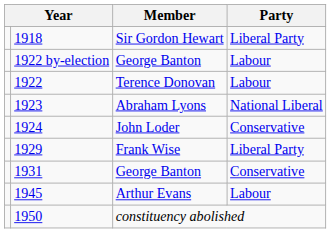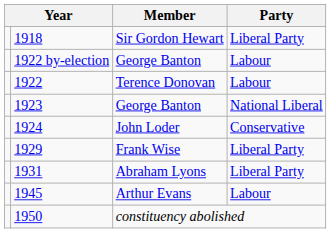 <table class="wikitable">
 <tr>
 <th colspan="2">Year</th>
 <th>Member</th>
 <th>Party</th>
 </tr>
 <tr>
 <td style="color:inherit;background-color: "></td>
 <td><a href='#'>1918</a></td>
 <td><a href='#'>Sir Gordon Hewart</a></td>
 <td><a href='#'>Liberal Party</a></td>
 </tr>
 <tr>
 <td style="color:inherit;background-color: "></td>
 <td><a href='#'>1922 by-election</a></td>
 <td><a href='#'>George Banton</a></td>
 <td><a href='#'>Labour</a></td>
 </tr>
 <tr>
 <td style="color:inherit;background-color: "></td>
 <td><a href='#'>1922</a></td>
 <td><a href='#'>Terence Donovan</a></td>
 <td><a href='#'>Labour</a></td>
 </tr>
 <tr>
 <td style="color:inherit;background-color: "></td>
 <td><a href='#'>1923</a></td>
-<td><a href='#'>Abraham Lyons</a></td>
+<td><a href='#'>George Banton</a></td>
 <td><a href='#'>National Liberal</a></td>
 </tr>
 <tr>
 <td style="color:inherit;background-color: "></td>
 <td><a href='#'>1924</a></td>
 <td><a href='#'>John Loder</a></td>
 <td><a href='#'>Conservative</a></td>
 </tr>
 <tr>
 <td style="color:inherit;background-color: "></td>
 <td><a href='#'>1929</a></td>
 <td><a href='#'>Frank Wise</a></td>
 <td><a href='#'>Liberal Party</a></td>
 </tr>
 <tr>
 <td style="color:inherit;background-color: "></td>
 <td><a href='#'>1931</a></td>
-<td><a href='#'>George Banton</a></td>
-<td><a href='#'>Conservative</a></td>
+<td><a href='#'>Abraham Lyons</a></td>
+<td><a href='#'>Liberal Party</a></td>
 </tr>
 <tr>
 <td style="color:inherit;background-color: "></td>
 <td><a href='#'>1945</a></td>
 <td><a href='#'>Arthur Evans</a></td>
 <td><a href='#'>Labour</a></td>
 </tr>
 <tr>
 <td></td>
 <td><a href='#'>1950</a></td>
 <td colspan="3"><em>constituency abolished</em></td>
 </tr>
 </table>
